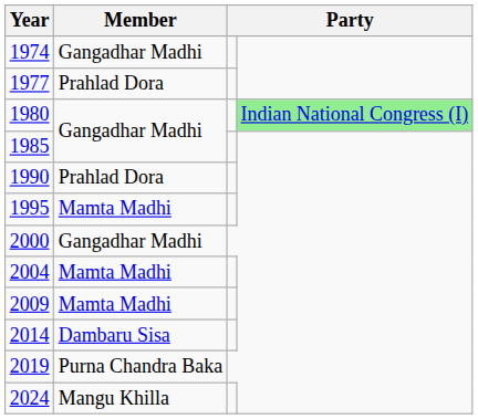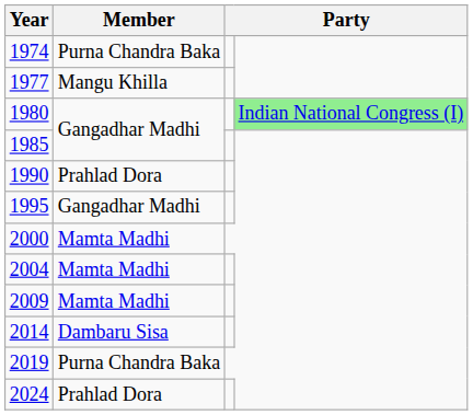 <table class="wikitable">
 <tr>
 <th>Year</th>
 <th>Member</th>
 <th colspan="2">Party</th>
 </tr>
 <tr>
 <td><a href='#'>1974</a></td>
-<td>Gangadhar Madhi</td>
+<td>Purna Chandra Baka</td>
 <td></td>
 </tr>
 <tr>
 <td><a href='#'>1977</a></td>
-<td>Prahlad Dora</td>
+<td>Mangu Khilla</td>
 <td></td>
 </tr>
 <tr>
 <td><a href='#'>1980</a></td>
 <td rowspan="2">Gangadhar Madhi</td>
 <td style="background-color: "></td>
 <td style="background: lightgreen;"><a href='#'>Indian National Congress (I)</a></td>
 </tr>
 <tr>
 <td><a href='#'>1985</a></td>
 <td></td>
 </tr>
 <tr>
 <td><a href='#'>1990</a></td>
 <td>Prahlad Dora</td>
 <td></td>
 </tr>
 <tr>
 <td><a href='#'>1995</a></td>
-<td><a href='#'>Mamta Madhi</a></td>
+<td>Gangadhar Madhi</td>
 <td></td>
 </tr>
 <tr>
 <td><a href='#'>2000</a></td>
-<td>Gangadhar Madhi</td>
+<td><a href='#'>Mamta Madhi</a></td>
 </tr>
 <tr>
 <td><a href='#'>2004</a></td>
 <td><a href='#'>Mamta Madhi</a></td>
 <td></td>
 </tr>
 <tr>
 <td><a href='#'>2009</a></td>
 <td><a href='#'>Mamta Madhi</a></td>
 <td></td>
 </tr>
 <tr>
 <td><a href='#'>2014</a></td>
 <td><a href='#'>Dambaru Sisa</a></td>
 <td></td>
 </tr>
 <tr>
 <td><a href='#'>2019</a></td>
 <td>Purna Chandra Baka</td>
 </tr>
 <tr>
 <td><a href='#'>2024</a></td>
-<td>Mangu Khilla</td>
+<td>Prahlad Dora</td>
 <td></td>
 </tr>
 </table>
